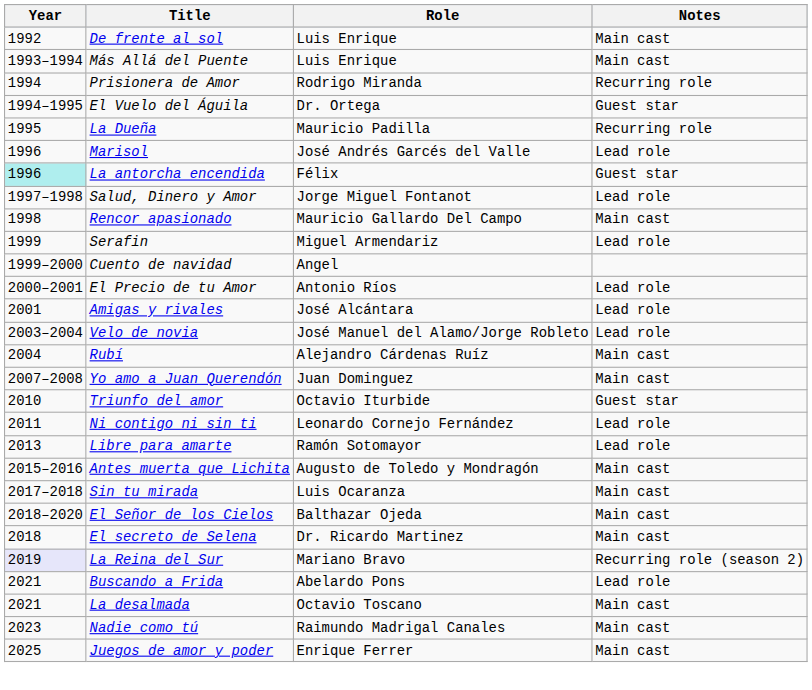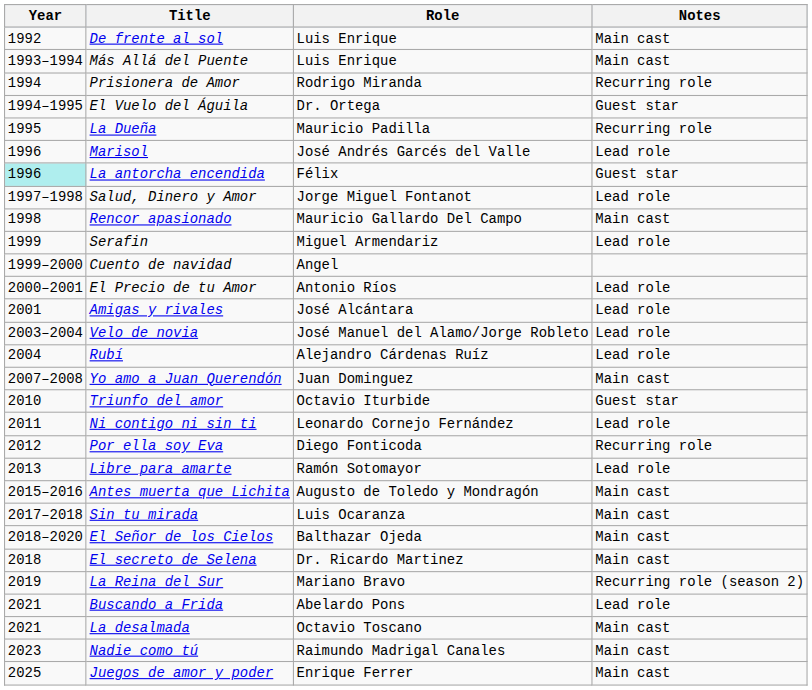 <table class="wikitable">
 <tr style="background:#b0c4de;">
 <th>Year</th>
 <th>Title</th>
 <th>Role</th>
 <th>Notes</th>
 </tr>
 <tr>
 <td>1992</td>
 <td><em><a href='#'>De frente al sol</a></em></td>
 <td>Luis Enrique</td>
 <td>Main cast</td>
 </tr>
 <tr>
 <td>1993–1994</td>
 <td><em>Más Allá del Puente</em></td>
 <td>Luis Enrique</td>
 <td>Main cast</td>
 </tr>
 <tr>
 <td>1994</td>
 <td><em>Prisionera de Amor</em></td>
 <td>Rodrigo Miranda</td>
 <td>Recurring role</td>
 </tr>
 <tr>
 <td>1994–1995</td>
 <td><em>El Vuelo del Águila</em></td>
 <td>Dr. Ortega</td>
 <td>Guest star</td>
 </tr>
 <tr>
 <td>1995</td>
 <td><em><a href='#'>La Dueña</a></em></td>
 <td>Mauricio Padilla</td>
 <td>Recurring role</td>
 </tr>
 <tr>
 <td>1996</td>
 <td><em><a href='#'>Marisol</a></em></td>
 <td>José Andrés  Garcés del Valle</td>
 <td>Lead role</td>
 </tr>
 <tr>
 <td style="background: paleturquoise;">1996</td>
 <td><em><a href='#'>La antorcha encendida</a></em></td>
 <td>Félix</td>
 <td>Guest star</td>
 </tr>
 <tr>
 <td>1997–1998</td>
 <td><em>Salud, Dinero y Amor</em></td>
 <td>Jorge Miguel Fontanot</td>
 <td>Lead role</td>
 </tr>
 <tr>
 <td>1998</td>
 <td><em><a href='#'>Rencor apasionado</a></em></td>
 <td>Mauricio Gallardo Del Campo</td>
 <td>Main cast</td>
 </tr>
 <tr>
 <td>1999</td>
 <td><em>Serafin</em></td>
 <td>Miguel Armendariz</td>
 <td>Lead role</td>
 </tr>
 <tr>
 <td>1999–2000</td>
 <td><em>Cuento de navidad</em></td>
 <td>Angel</td>
 <td></td>
 </tr>
 <tr>
 <td>2000–2001</td>
 <td><em>El Precio de tu Amor</em></td>
 <td>Antonio Ríos</td>
 <td>Lead role</td>
 </tr>
 <tr>
 <td>2001</td>
 <td><em><a href='#'>Amigas y rivales</a></em></td>
 <td>José Alcántara</td>
 <td>Lead role</td>
 </tr>
 <tr>
 <td>2003–2004</td>
 <td><em><a href='#'>Velo de novia</a></em></td>
 <td>José Manuel del Alamo/Jorge Robleto</td>
 <td>Lead role</td>
 </tr>
 <tr>
 <td>2004</td>
 <td><em><a href='#'>Rubí</a></em></td>
 <td>Alejandro Cárdenas Ruíz</td>
-<td>Main cast</td>
+<td>Lead role</td>
 </tr>
 <tr>
 <td>2007–2008</td>
 <td><em><a href='#'>Yo amo a Juan Querendón</a></em></td>
 <td>Juan Dominguez</td>
 <td>Main cast</td>
 </tr>
 <tr>
 <td>2010</td>
 <td><em><a href='#'>Triunfo del amor</a></em></td>
 <td>Octavio Iturbide</td>
 <td>Guest star</td>
 </tr>
 <tr>
 <td>2011</td>
 <td><em><a href='#'>Ni contigo ni sin ti</a></em></td>
 <td>Leonardo Cornejo Fernández</td>
 <td>Lead role</td>
+</tr>
+<tr>
+<td>2012</td>
+<td><em><a href='#'>Por ella soy Eva</a></em></td>
+<td>Diego Fonticoda</td>
+<td>Recurring role</td>
 </tr>
 <tr>
 <td>2013</td>
 <td><em><a href='#'>Libre para amarte</a></em></td>
 <td>Ramón Sotomayor</td>
 <td>Lead role</td>
 </tr>
 <tr>
 <td>2015–2016</td>
 <td><em><a href='#'>Antes muerta que Lichita</a></em></td>
 <td>Augusto de Toledo y Mondragón</td>
 <td>Main cast</td>
 </tr>
 <tr>
 <td>2017–2018</td>
 <td><em><a href='#'>Sin tu mirada</a></em></td>
 <td>Luis Ocaranza</td>
 <td>Main cast</td>
 </tr>
 <tr>
 <td>2018–2020</td>
 <td><em><a href='#'>El Señor de los Cielos</a></em></td>
 <td>Balthazar Ojeda</td>
 <td>Main cast</td>
 </tr>
 <tr>
 <td>2018</td>
 <td><em><a href='#'>El secreto de Selena</a></em></td>
 <td>Dr. Ricardo Martinez</td>
 <td>Main cast</td>
 </tr>
 <tr>
-<td style="background: lavender;">2019</td>
+<td>2019</td>
 <td><em><a href='#'>La Reina del Sur</a></em></td>
 <td>Mariano Bravo</td>
 <td>Recurring role (season 2)</td>
 </tr>
 <tr>
 <td>2021</td>
 <td><em><a href='#'>Buscando a Frida</a></em></td>
 <td>Abelardo Pons</td>
 <td>Lead role</td>
 </tr>
 <tr>
 <td>2021</td>
 <td><em><a href='#'>La desalmada</a></em></td>
 <td>Octavio Toscano</td>
 <td>Main cast</td>
 </tr>
 <tr>
 <td>2023</td>
 <td><em><a href='#'>Nadie como tú</a></em></td>
 <td>Raimundo Madrigal Canales</td>
 <td>Main cast</td>
 </tr>
 <tr>
 <td>2025</td>
 <td><em><a href='#'>Juegos de amor y poder</a></em></td>
 <td>Enrique Ferrer</td>
 <td>Main cast</td>
 </tr>
 </table>
